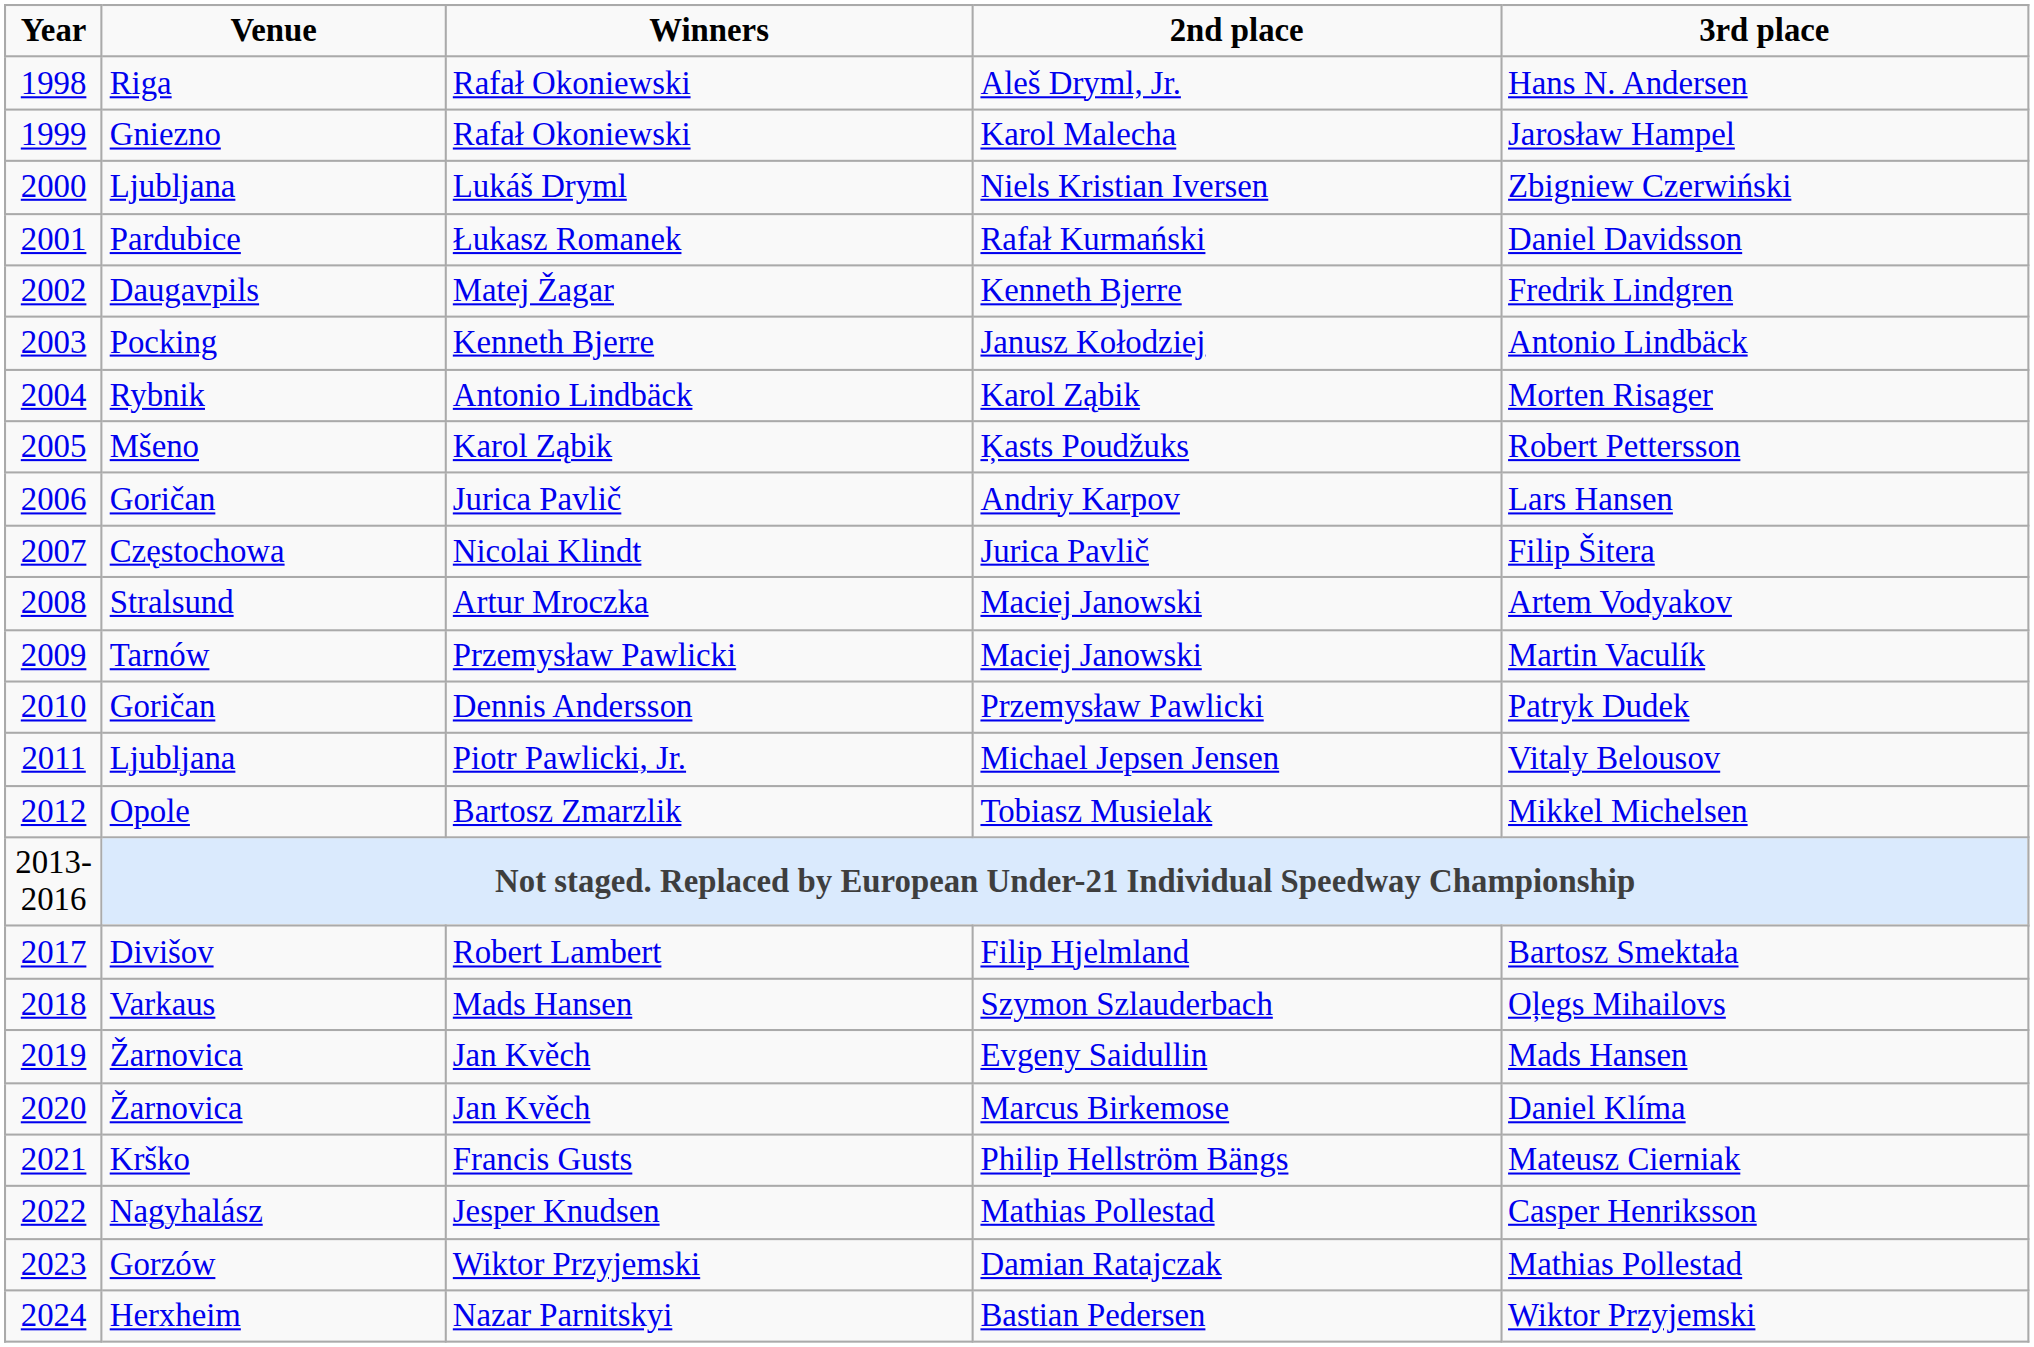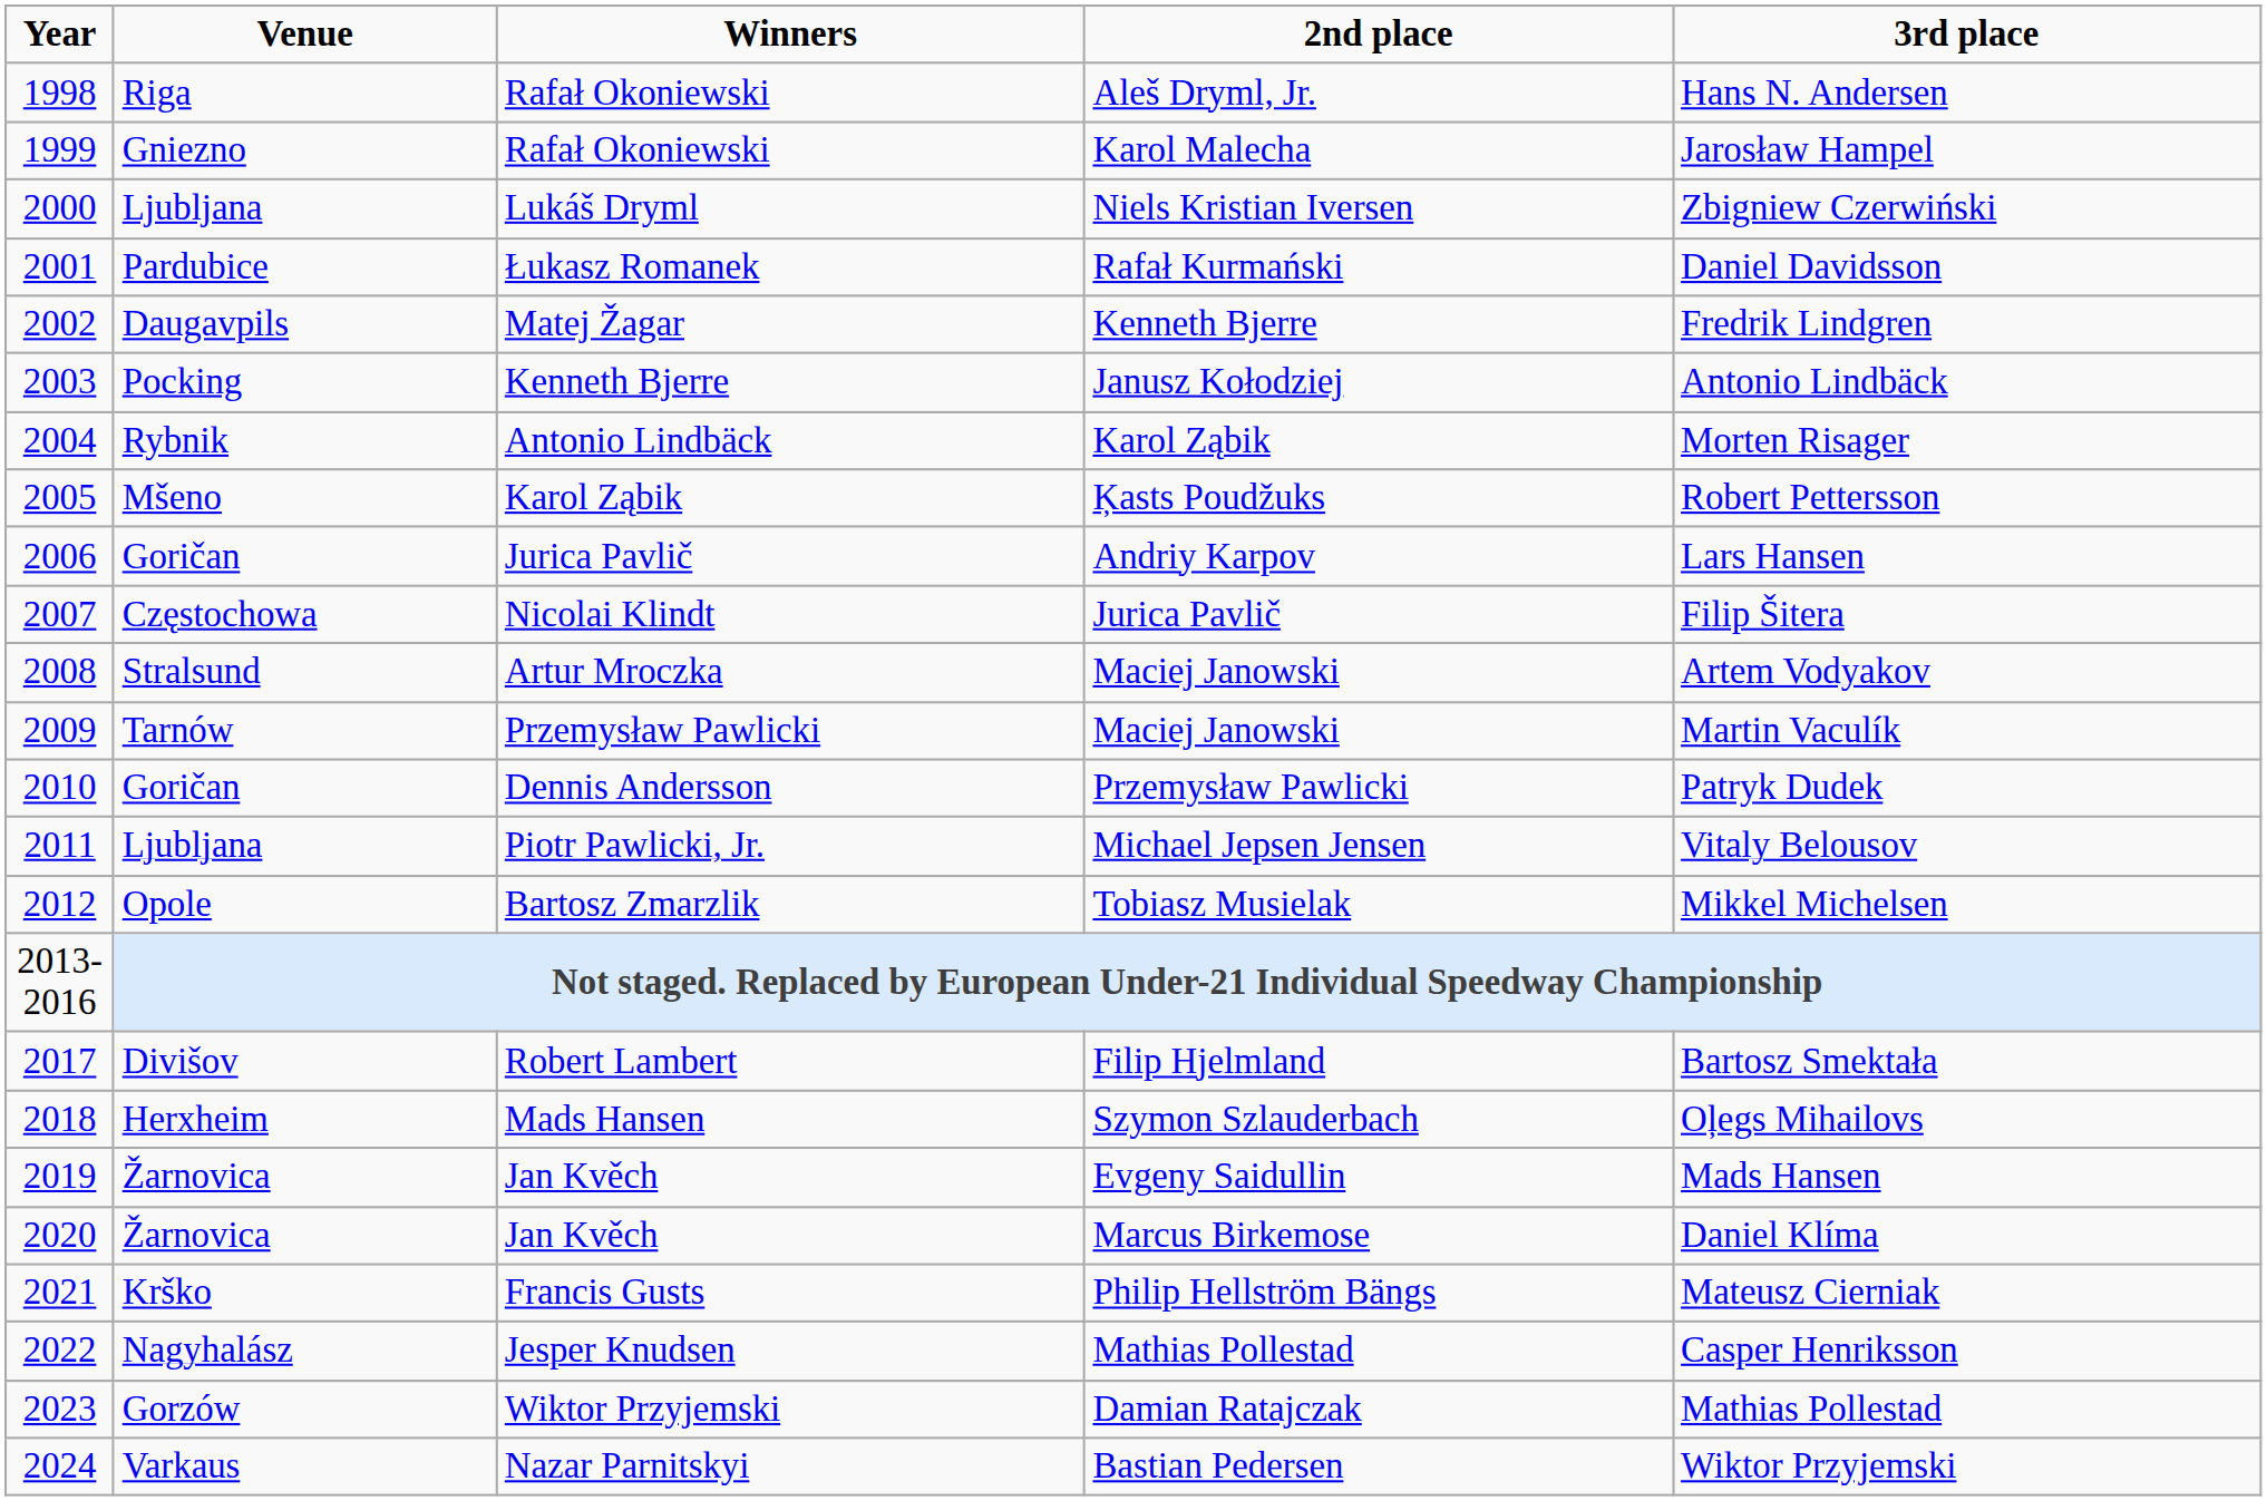 <table class="wikitable">
 <tr align=center>
 <td width=40px  ><strong>Year</strong></td>
 <td width=160px ><strong>Venue</strong></td>
 <td width=250px ><strong>Winners</strong></td>
 <td width=250px ><strong>2nd place</strong></td>
 <td width=250px ><strong>3rd place</strong></td>
 </tr>
 <tr>
 <td align=center><a href='#'>1998</a></td>
 <td> <a href='#'>Riga</a></td>
 <td> <a href='#'>Rafał Okoniewski</a></td>
 <td> <a href='#'>Aleš Dryml, Jr.</a></td>
 <td> <a href='#'>Hans N. Andersen</a></td>
 </tr>
 <tr>
 <td align=center><a href='#'>1999</a></td>
 <td> <a href='#'>Gniezno</a></td>
 <td> <a href='#'>Rafał Okoniewski</a></td>
 <td> <a href='#'>Karol Malecha</a></td>
 <td> <a href='#'>Jarosław Hampel</a></td>
 </tr>
 <tr>
 <td align=center><a href='#'>2000</a></td>
 <td> <a href='#'>Ljubljana</a></td>
 <td> <a href='#'>Lukáš Dryml</a></td>
 <td> <a href='#'>Niels Kristian Iversen</a></td>
 <td> <a href='#'>Zbigniew Czerwiński</a></td>
 </tr>
 <tr>
 <td align=center><a href='#'>2001</a></td>
 <td> <a href='#'>Pardubice</a></td>
 <td> <a href='#'>Łukasz Romanek</a></td>
 <td> <a href='#'>Rafał Kurmański</a></td>
 <td> <a href='#'>Daniel Davidsson</a></td>
 </tr>
 <tr>
 <td align=center><a href='#'>2002</a></td>
 <td> <a href='#'>Daugavpils</a></td>
 <td> <a href='#'>Matej Žagar</a></td>
 <td> <a href='#'>Kenneth Bjerre</a></td>
 <td> <a href='#'>Fredrik Lindgren</a></td>
 </tr>
 <tr>
 <td align=center><a href='#'>2003</a></td>
 <td> <a href='#'>Pocking</a></td>
 <td> <a href='#'>Kenneth Bjerre</a></td>
 <td> <a href='#'>Janusz Kołodziej</a></td>
 <td> <a href='#'>Antonio Lindbäck</a></td>
 </tr>
 <tr>
 <td align=center><a href='#'>2004</a></td>
 <td> <a href='#'>Rybnik</a></td>
 <td> <a href='#'>Antonio Lindbäck</a></td>
 <td> <a href='#'>Karol Ząbik</a></td>
 <td> <a href='#'>Morten Risager</a></td>
 </tr>
 <tr>
 <td align=center><a href='#'>2005</a></td>
 <td> <a href='#'>Mšeno</a></td>
 <td> <a href='#'>Karol Ząbik</a></td>
 <td> <a href='#'>Ķasts Poudžuks</a></td>
 <td> <a href='#'>Robert Pettersson</a></td>
 </tr>
 <tr>
 <td align=center><a href='#'>2006</a></td>
 <td> <a href='#'>Goričan</a></td>
 <td> <a href='#'>Jurica Pavlič</a></td>
 <td> <a href='#'>Andriy Karpov</a></td>
 <td> <a href='#'>Lars Hansen</a></td>
 </tr>
 <tr>
 <td align=center><a href='#'>2007</a></td>
 <td> <a href='#'>Częstochowa</a></td>
 <td> <a href='#'>Nicolai Klindt</a></td>
 <td> <a href='#'>Jurica Pavlič</a></td>
 <td> <a href='#'>Filip Šitera</a></td>
 </tr>
 <tr>
 <td align=center><a href='#'>2008</a></td>
 <td> <a href='#'>Stralsund</a></td>
 <td> <a href='#'>Artur Mroczka</a></td>
 <td> <a href='#'>Maciej Janowski</a></td>
 <td> <a href='#'>Artem Vodyakov</a></td>
 </tr>
 <tr>
 <td align=center><a href='#'>2009</a></td>
 <td> <a href='#'>Tarnów</a></td>
 <td> <a href='#'>Przemysław Pawlicki</a></td>
 <td> <a href='#'>Maciej Janowski</a></td>
 <td> <a href='#'>Martin Vaculík</a></td>
 </tr>
 <tr>
 <td align=center><a href='#'>2010</a></td>
 <td> <a href='#'>Goričan</a></td>
 <td> <a href='#'>Dennis Andersson</a></td>
 <td> <a href='#'>Przemysław Pawlicki</a></td>
 <td> <a href='#'>Patryk Dudek</a></td>
 </tr>
 <tr>
 <td align=center><a href='#'>2011</a></td>
 <td> <a href='#'>Ljubljana</a></td>
 <td> <a href='#'>Piotr Pawlicki, Jr.</a></td>
 <td> <a href='#'>Michael Jepsen Jensen</a></td>
 <td> <a href='#'>Vitaly Belousov</a></td>
 </tr>
 <tr>
 <td align=center><a href='#'>2012</a></td>
 <td> <a href='#'>Opole</a></td>
 <td> <a href='#'>Bartosz Zmarzlik</a></td>
 <td> <a href='#'>Tobiasz Musielak</a></td>
 <td> <a href='#'>Mikkel Michelsen</a></td>
 </tr>
 <tr>
 <td align=center>2013-2016</td>
 <td colspan="6" style="border:0;opacity:.75; background-color:#D0E6FF"; align=center><strong>Not staged.  Replaced by European Under-21 Individual Speedway Championship</strong><br></td>
 </tr>
 <tr>
 <td align=center><a href='#'>2017</a></td>
 <td> <a href='#'>Divišov</a></td>
 <td> <a href='#'>Robert Lambert</a></td>
 <td> <a href='#'>Filip Hjelmland</a></td>
 <td> <a href='#'>Bartosz Smektała</a></td>
 </tr>
 <tr>
 <td align=center><a href='#'>2018</a></td>
-<td> <a href='#'>Varkaus</a></td>
+<td> <a href='#'>Herxheim</a></td>
 <td> <a href='#'>Mads Hansen</a></td>
 <td> <a href='#'>Szymon Szlauderbach</a></td>
 <td> <a href='#'>Oļegs Mihailovs</a></td>
 </tr>
 <tr>
 <td align=center><a href='#'>2019</a></td>
 <td> <a href='#'>Žarnovica</a></td>
 <td> <a href='#'>Jan Kvěch</a></td>
 <td> <a href='#'>Evgeny Saidullin</a></td>
 <td> <a href='#'>Mads Hansen</a></td>
 </tr>
 <tr>
 <td align=center><a href='#'>2020</a></td>
 <td> <a href='#'>Žarnovica</a></td>
 <td> <a href='#'>Jan Kvěch</a></td>
 <td> <a href='#'>Marcus Birkemose</a></td>
 <td> <a href='#'>Daniel Klíma</a></td>
 </tr>
 <tr>
 <td align=center><a href='#'>2021</a></td>
 <td> <a href='#'>Krško</a></td>
 <td> <a href='#'>Francis Gusts</a></td>
 <td> <a href='#'>Philip Hellström Bängs</a></td>
 <td> <a href='#'>Mateusz Cierniak</a></td>
 </tr>
 <tr>
 <td align=center><a href='#'>2022</a></td>
 <td> <a href='#'>Nagyhalász</a></td>
 <td> <a href='#'>Jesper Knudsen</a></td>
 <td> <a href='#'>Mathias Pollestad</a></td>
 <td> <a href='#'>Casper Henriksson</a></td>
 </tr>
 <tr>
 <td align=center><a href='#'>2023</a></td>
 <td> <a href='#'>Gorzów</a></td>
 <td> <a href='#'>Wiktor Przyjemski</a></td>
 <td> <a href='#'>Damian Ratajczak</a></td>
 <td> <a href='#'>Mathias Pollestad</a></td>
 </tr>
 <tr>
 <td align=center><a href='#'>2024</a></td>
-<td> <a href='#'>Herxheim</a></td>
+<td> <a href='#'>Varkaus</a></td>
 <td> <a href='#'>Nazar Parnitskyi</a></td>
 <td> <a href='#'>Bastian Pedersen</a></td>
 <td> <a href='#'>Wiktor Przyjemski</a></td>
 </tr>
 </table>
